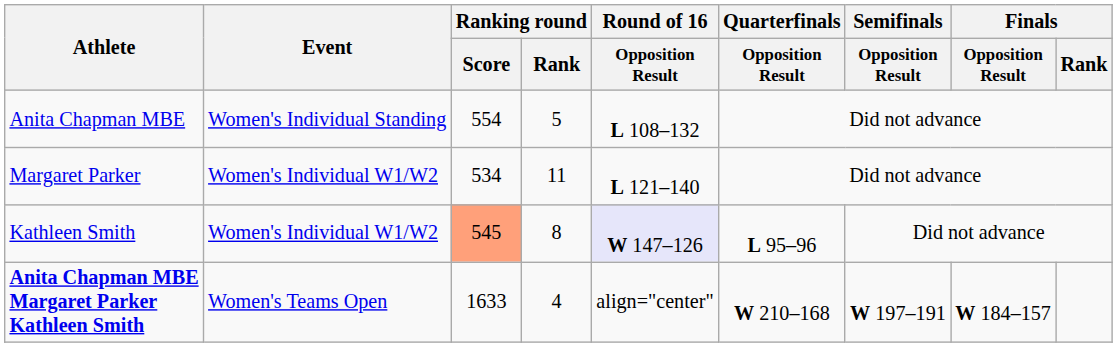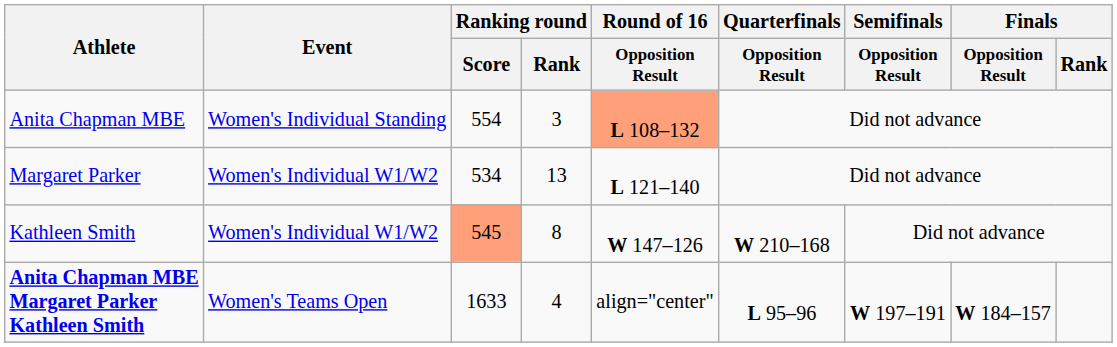 <table class=wikitable style="font-size:90%">
 <tr>
 <th rowspan="2">Athlete</th>
 <th rowspan="2">Event</th>
 <th colspan="2">Ranking round</th>
 <th>Round of 16</th>
 <th>Quarterfinals</th>
 <th>Semifinals</th>
 <th colspan="2">Finals</th>
 </tr>
 <tr>
 <th>Score</th>
 <th>Rank</th>
 <th style="line-height:1em"><small>Opposition<br>Result</small></th>
 <th style="line-height:1em"><small>Opposition<br>Result</small></th>
 <th style="line-height:1em"><small>Opposition<br>Result</small></th>
 <th style="line-height:1em"><small>Opposition<br>Result</small></th>
 <th>Rank</th>
 </tr>
 <tr>
 <td><a href='#'>Anita Chapman MBE</a></td>
 <td><a href='#'>Women's Individual Standing</a></td>
 <td align="center">554</td>
-<td align="center">5</td>
-<td align="center"><br> <strong>L</strong> 108–132</td>
+<td align="center">3</td>
+<td align="center" style="background: lightsalmon;"><br> <strong>L</strong> 108–132</td>
 <td align="center" colspan="4">Did not advance</td>
 </tr>
 <tr>
 <td><a href='#'>Margaret Parker</a></td>
 <td><a href='#'>Women's Individual W1/W2</a></td>
 <td align="center">534</td>
-<td align="center">11</td>
+<td align="center">13</td>
 <td align="center"><br> <strong>L</strong> 121–140</td>
 <td align="center" colspan="4">Did not advance</td>
 </tr>
 <tr>
 <td><a href='#'>Kathleen Smith</a></td>
 <td><a href='#'>Women's Individual W1/W2</a></td>
 <td align="center" style="background: lightsalmon;">545</td>
 <td align="center">8</td>
-<td align="center" style="background: lavender;"><br> <strong>W</strong> 147–126</td>
-<td align="center"><br> <strong>L</strong> 95–96</td>
+<td align="center"><br> <strong>W</strong> 147–126</td>
+<td align="center"><br> <strong>W</strong> 210–168</td>
 <td align="center" colspan="3">Did not advance</td>
 </tr>
 <tr>
 <td><strong><a href='#'>Anita Chapman MBE</a><br><a href='#'>Margaret Parker</a><br><a href='#'>Kathleen Smith</a></strong></td>
 <td><a href='#'>Women's Teams Open</a></td>
 <td align="center">1633</td>
 <td align="center">4</td>
 <td>align="center" </td>
-<td align="center"><br> <strong>W</strong> 210–168</td>
+<td align="center"><br> <strong>L</strong> 95–96</td>
 <td align="center"><br> <strong>W</strong> 197–191</td>
 <td align="center"><br> <strong>W</strong> 184–157</td>
 <td align="center"></td>
 </tr>
 </table>
